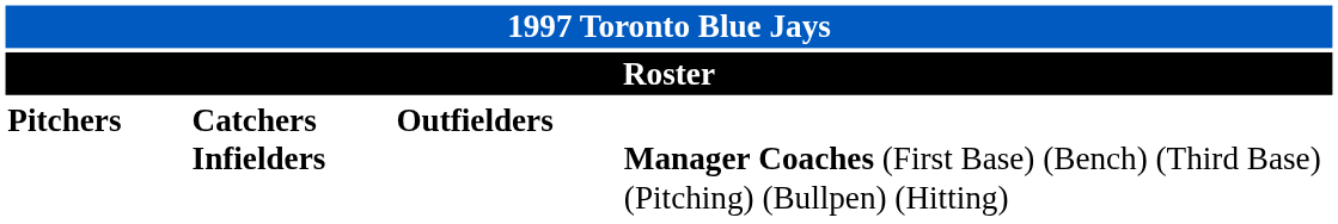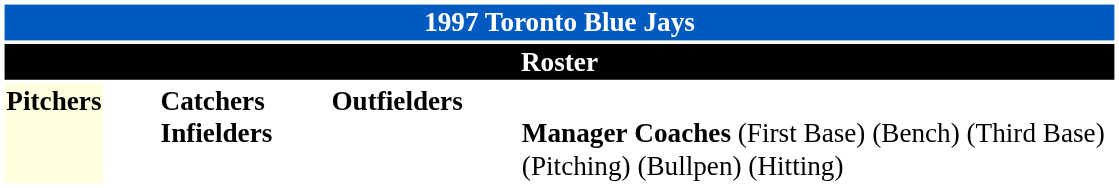 <table class="toccolours" style="font-size: 95%;">
 <tr>
 <th colspan="10" style="background-color: #005ac0; color: #FFFFFF; text-align: center;">1997 Toronto Blue Jays</th>
 </tr>
 <tr>
 <td colspan="10" style="background-color: black; color: white; text-align: center;"><strong>Roster</strong></td>
 </tr>
 <tr>
-<td valign="top"><strong>Pitchers</strong><br>                   </td>
+<td valign="top" style="background: lightyellow;"><strong>Pitchers</strong><br>                   </td>
 <td width="25px"></td>
 <td valign="top"><strong>Catchers</strong><br>    <strong>Infielders</strong>           </td>
 <td width="25px"></td>
 <td valign="top"><strong>Outfielders</strong><br>        </td>
 <td width="25px"></td>
 <td valign="top"><br><strong>Manager</strong>   <strong>Coaches</strong>  (First Base)  (Bench)  (Third Base)  (Pitching)  (Bullpen)  (Hitting)</td>
 </tr>
 </table>
